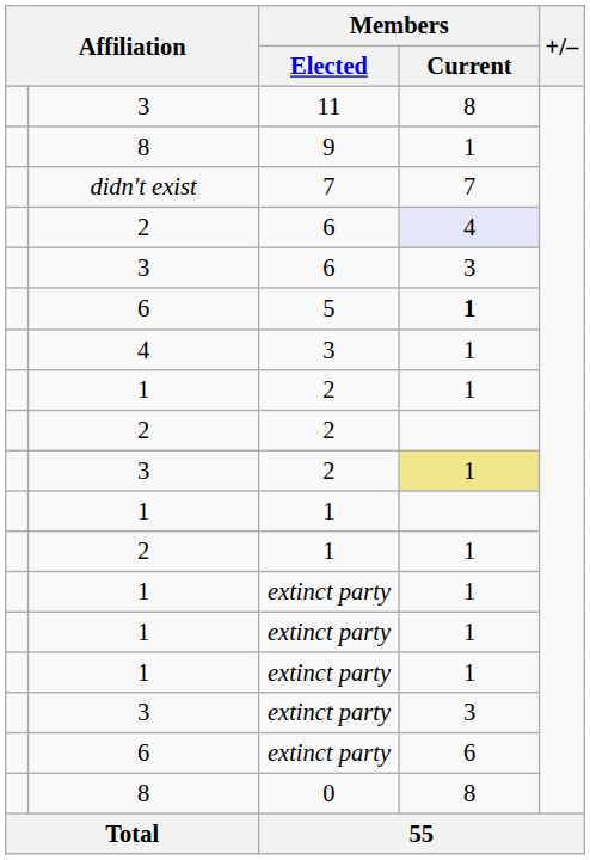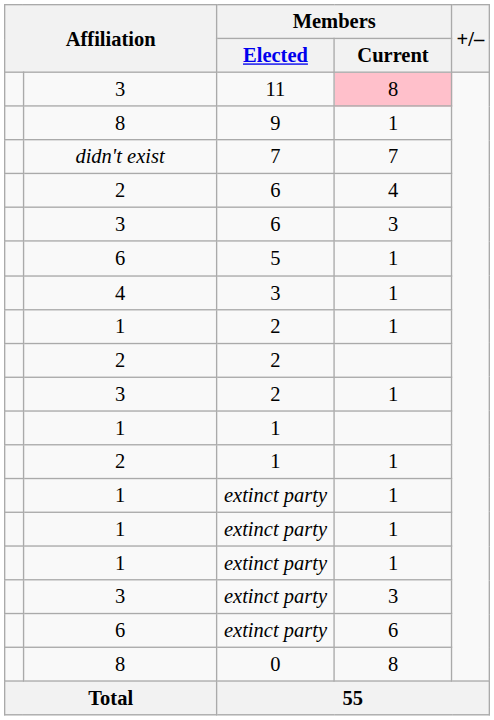 <table class="wikitable" border="1" style="font-size: 95%; text-align: center;">
 <tr>
 <th colspan="2" rowspan="2" class=unsortable style="text-align: center; vertical-align: middle; width: 150px;">Affiliation</th>
 <th colspan="2" style="vertical-align: top;">Members</th>
 <th rowspan="2">+/–</th>
 </tr>
 <tr>
 <th data-sort-type=number style="width: 80px;"><a href='#'>Elected</a></th>
 <th style="width: 80px;">Current</th>
 </tr>
 <tr>
 <td></td>
 <td>3</td>
 <td>11</td>
-<td>8</td>
+<td style="background: pink;">8</td>
 </tr>
 <tr>
 <td></td>
 <td>8</td>
 <td>9</td>
 <td>1</td>
 </tr>
 <tr>
 <td></td>
 <td><em>didn't exist</em></td>
 <td>7</td>
 <td>7</td>
 </tr>
 <tr>
 <td></td>
 <td>2</td>
 <td>6</td>
-<td style="background: lavender;">4</td>
+<td>4</td>
 </tr>
 <tr>
 <td></td>
 <td>3</td>
 <td>6</td>
 <td>3</td>
 </tr>
 <tr>
 <td></td>
 <td>6</td>
 <td>5</td>
-<td><strong>1</strong></td>
+<td>1</td>
 </tr>
 <tr>
 <td></td>
 <td>4</td>
 <td>3</td>
 <td>1</td>
 </tr>
 <tr>
 <td></td>
 <td>1</td>
 <td>2</td>
 <td>1</td>
 </tr>
 <tr>
 <td></td>
 <td>2</td>
 <td>2</td>
 <td></td>
 </tr>
 <tr>
 <td></td>
 <td>3</td>
 <td>2</td>
-<td style="background: khaki;">1</td>
+<td>1</td>
 </tr>
 <tr>
 <td></td>
 <td>1</td>
 <td>1</td>
 <td></td>
 </tr>
 <tr>
 <td></td>
 <td>2</td>
 <td>1</td>
 <td>1</td>
 </tr>
 <tr>
 <td></td>
 <td>1</td>
 <td><em>extinct party</em></td>
 <td>1</td>
 </tr>
 <tr>
 <td></td>
 <td>1</td>
 <td><em>extinct party</em></td>
 <td>1</td>
 </tr>
 <tr>
 <td></td>
 <td>1</td>
 <td><em>extinct party</em></td>
 <td>1</td>
 </tr>
 <tr>
 <td></td>
 <td>3</td>
 <td><em>extinct party</em></td>
 <td>3</td>
 </tr>
 <tr>
 <td></td>
 <td>6</td>
 <td><em>extinct party</em></td>
 <td>6</td>
 </tr>
 <tr>
 <td></td>
 <td>8</td>
 <td>0</td>
 <td>8</td>
 </tr>
 <tr>
 <th colspan="2">Total</th>
 <th colspan="3">55</th>
 </tr>
 </table>
